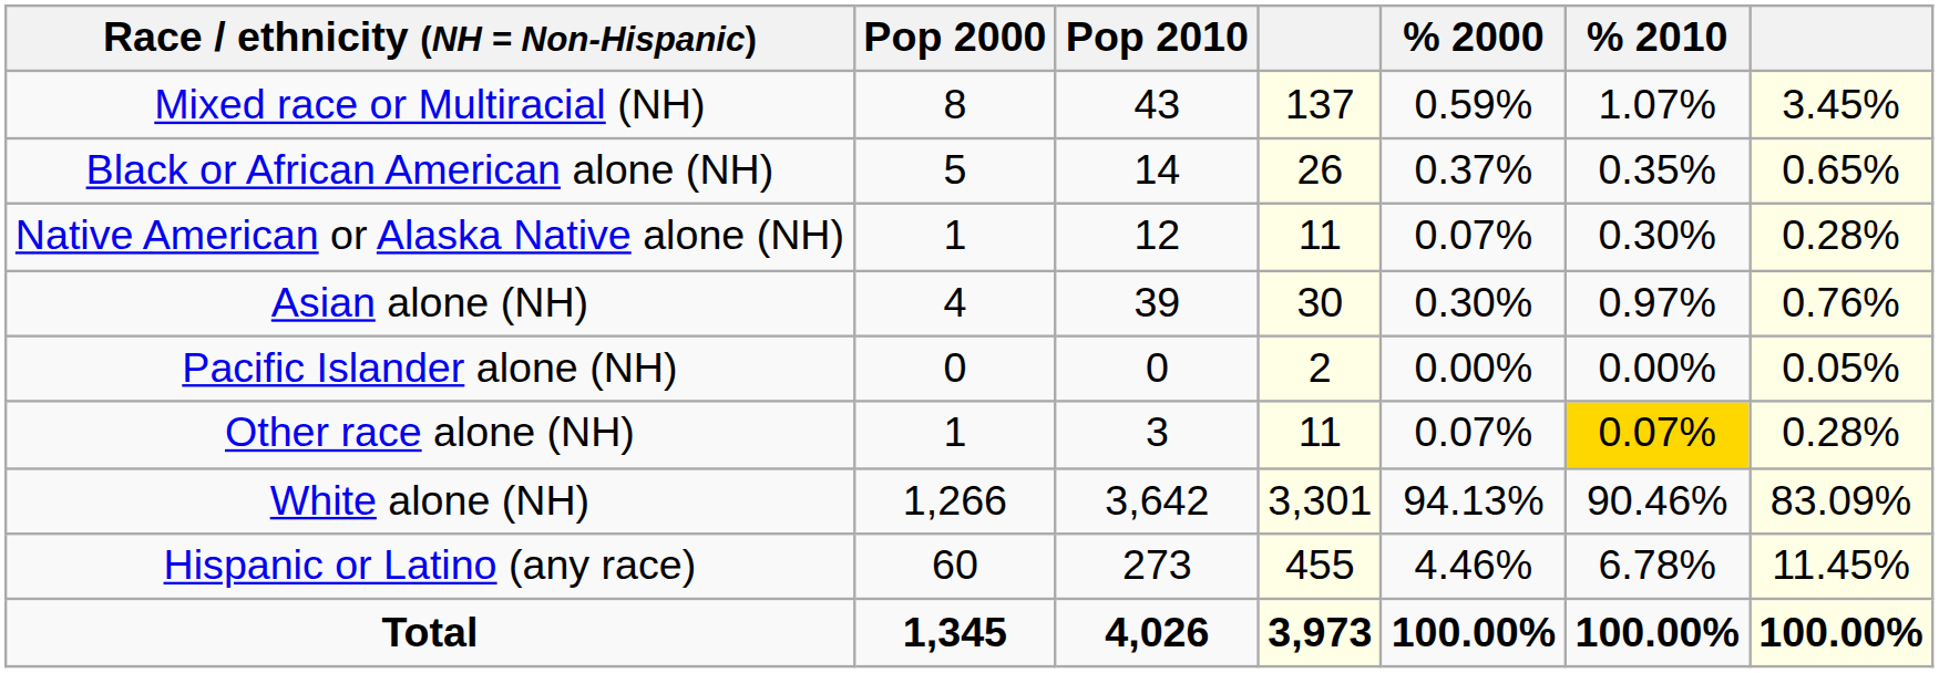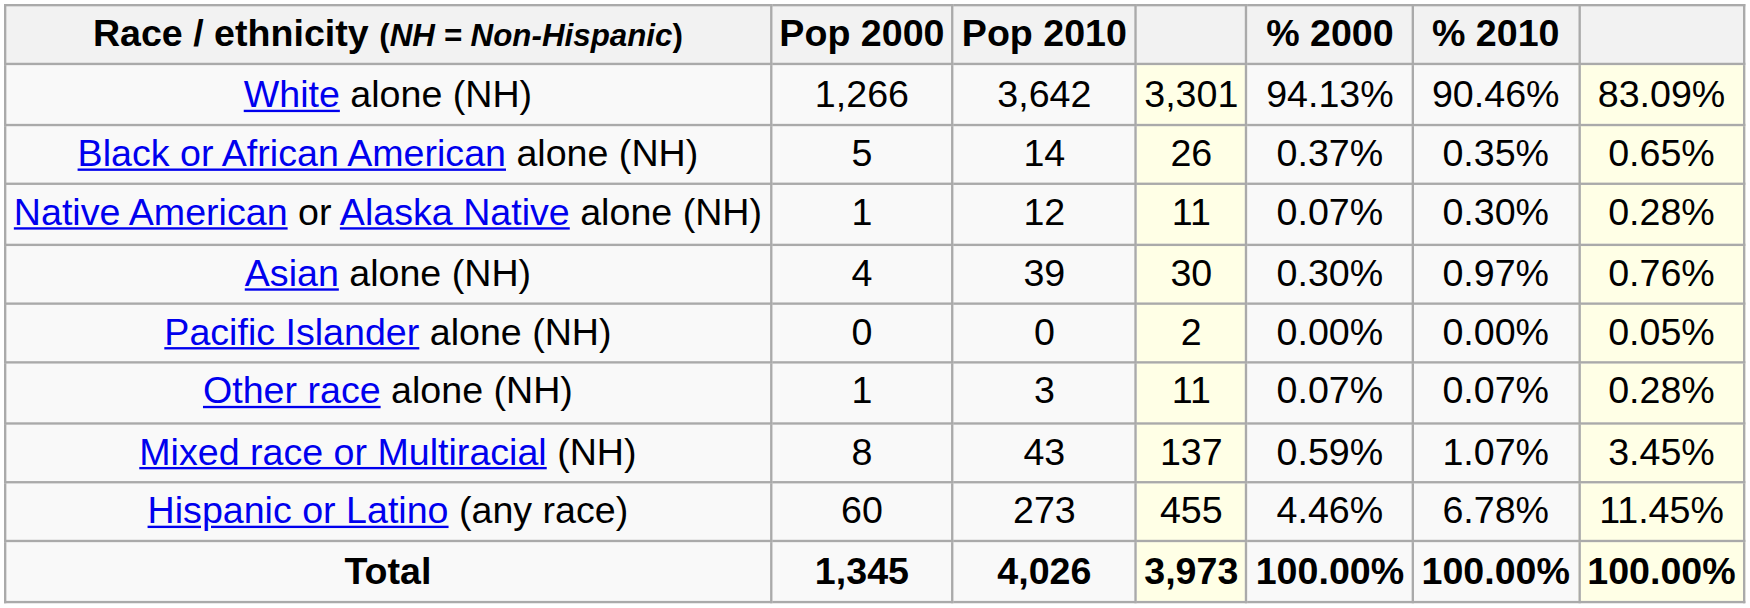 <table class="wikitable" style="text-align:center;">
 <tr>
 <th>Race / ethnicity <small>(<em>NH = Non-Hispanic</em>)</small></th>
 <th>Pop 2000</th>
 <th>Pop 2010</th>
 <th></th>
 <th>% 2000</th>
 <th>% 2010</th>
 <th></th>
 </tr>
 <tr>
-<td><a href='#'>Mixed race or Multiracial</a> (NH)</td>
-<td>8</td>
-<td>43</td>
-<td style='background: #ffffe6;'>137</td>
-<td>0.59%</td>
-<td>1.07%</td>
-<td style='background: #ffffe6;'>3.45%</td>
+<td><a href='#'>White</a> alone (NH)</td>
+<td>1,266</td>
+<td>3,642</td>
+<td style='background: #ffffe6;'>3,301</td>
+<td>94.13%</td>
+<td>90.46%</td>
+<td style='background: #ffffe6;'>83.09%</td>
 </tr>
 <tr>
 <td><a href='#'>Black or African American</a> alone (NH)</td>
 <td>5</td>
 <td>14</td>
 <td style='background: #ffffe6;'>26</td>
 <td>0.37%</td>
 <td>0.35%</td>
 <td style='background: #ffffe6;'>0.65%</td>
 </tr>
 <tr>
 <td><a href='#'>Native American</a> or <a href='#'>Alaska Native</a> alone (NH)</td>
 <td>1</td>
 <td>12</td>
 <td style='background: #ffffe6;'>11</td>
 <td>0.07%</td>
 <td>0.30%</td>
 <td style='background: #ffffe6;'>0.28%</td>
 </tr>
 <tr>
 <td><a href='#'>Asian</a> alone (NH)</td>
 <td>4</td>
 <td>39</td>
 <td style='background: #ffffe6;'>30</td>
 <td>0.30%</td>
 <td>0.97%</td>
 <td style='background: #ffffe6;'>0.76%</td>
 </tr>
 <tr>
 <td><a href='#'>Pacific Islander</a> alone (NH)</td>
 <td>0</td>
 <td>0</td>
 <td style='background: #ffffe6;'>2</td>
 <td>0.00%</td>
 <td>0.00%</td>
 <td style='background: #ffffe6;'>0.05%</td>
 </tr>
 <tr>
 <td><a href='#'>Other race</a> alone (NH)</td>
 <td>1</td>
 <td>3</td>
 <td style='background: #ffffe6;'>11</td>
 <td>0.07%</td>
-<td style="background: gold;">0.07%</td>
+<td>0.07%</td>
 <td style='background: #ffffe6;'>0.28%</td>
 </tr>
 <tr>
-<td><a href='#'>White</a> alone (NH)</td>
-<td>1,266</td>
-<td>3,642</td>
-<td style='background: #ffffe6;'>3,301</td>
-<td>94.13%</td>
-<td>90.46%</td>
-<td style='background: #ffffe6;'>83.09%</td>
+<td><a href='#'>Mixed race or Multiracial</a> (NH)</td>
+<td>8</td>
+<td>43</td>
+<td style='background: #ffffe6;'>137</td>
+<td>0.59%</td>
+<td>1.07%</td>
+<td style='background: #ffffe6;'>3.45%</td>
 </tr>
 <tr>
 <td><a href='#'>Hispanic or Latino</a> (any race)</td>
 <td>60</td>
 <td>273</td>
 <td style='background: #ffffe6;'>455</td>
 <td>4.46%</td>
 <td>6.78%</td>
 <td style='background: #ffffe6;'>11.45%</td>
 </tr>
 <tr>
 <td><strong>Total</strong></td>
 <td><strong>1,345</strong></td>
 <td><strong>4,026</strong></td>
 <td style='background: #ffffe6;'><strong>3,973</strong></td>
 <td><strong>100.00%</strong></td>
 <td><strong>100.00%</strong></td>
 <td style='background: #ffffe6;'><strong>100.00%</strong></td>
 </tr>
 </table>
